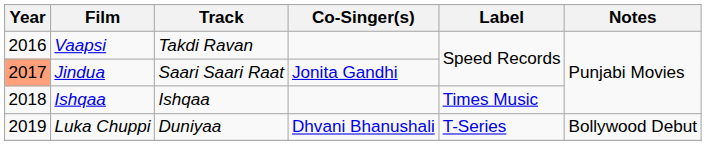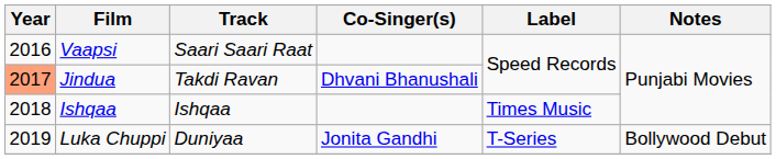 <table class="wikitable">
 <tr>
 <th>Year</th>
 <th>Film</th>
 <th>Track</th>
 <th>Co-Singer(s)</th>
 <th>Label</th>
 <th>Notes</th>
 </tr>
 <tr>
 <td>2016</td>
 <td><em><a href='#'>Vaapsi</a></em></td>
-<td><em>Takdi Ravan</em></td>
+<td><em>Saari Saari Raat</em></td>
 <td></td>
 <td rowspan="2">Speed Records</td>
 <td rowspan="3">Punjabi Movies</td>
 </tr>
 <tr>
 <td style="background: lightsalmon;">2017</td>
 <td><em><a href='#'>Jindua</a></em></td>
-<td><em>Saari Saari Raat</em></td>
-<td><a href='#'>Jonita Gandhi</a></td>
+<td><em>Takdi Ravan</em></td>
+<td><a href='#'>Dhvani Bhanushali</a></td>
 </tr>
 <tr>
 <td>2018</td>
 <td><em><a href='#'>Ishqaa</a></em></td>
 <td><em>Ishqaa</em></td>
 <td></td>
 <td><a href='#'>Times Music</a></td>
 </tr>
 <tr>
 <td>2019</td>
 <td><em>Luka Chuppi</em></td>
 <td><em>Duniyaa</em></td>
-<td><a href='#'>Dhvani Bhanushali</a></td>
+<td><a href='#'>Jonita Gandhi</a></td>
 <td><a href='#'>T-Series</a></td>
 <td>Bollywood Debut</td>
 </tr>
 <tr>
 </tr>
 </table>
